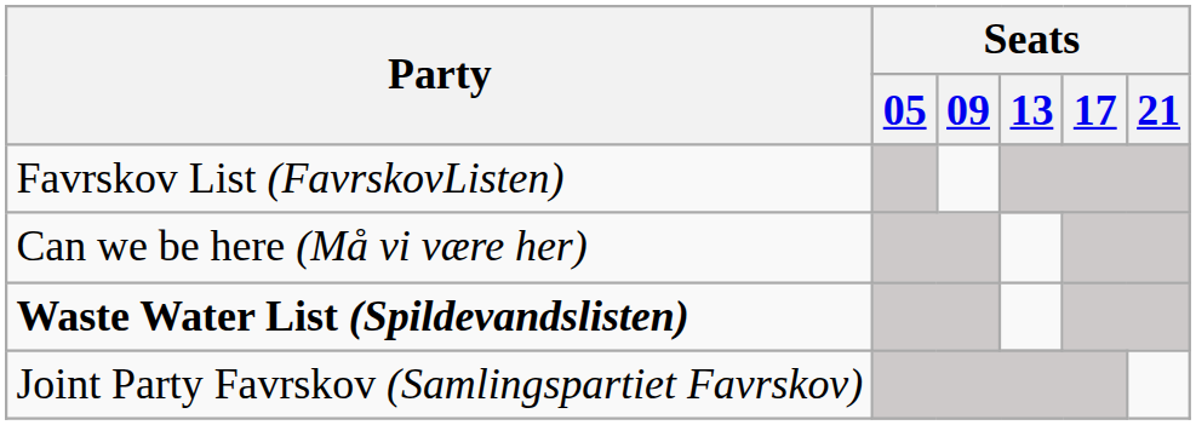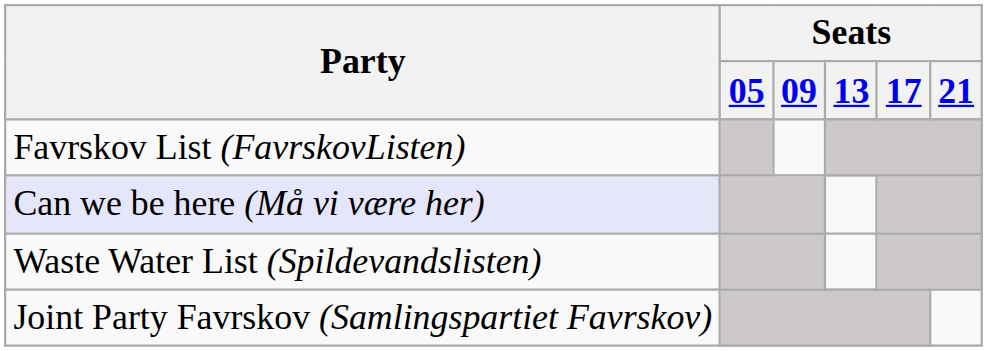 <table class="wikitable">
 <tr>
 <th rowspan=2>Party</th>
 <th colspan=11>Seats</th>
 </tr>
 <tr>
 <th><a href='#'>05</a></th>
 <th><a href='#'>09</a></th>
 <th><a href='#'>13</a></th>
 <th><a href='#'>17</a></th>
 <th><a href='#'>21</a></th>
 </tr>
 <tr>
 <td>Favrskov List <em>(FavrskovListen)</em></td>
 <td style="background:#CDC9C9;"></td>
 <td></td>
 <td style="background:#CDC9C9;" colspan=3></td>
 </tr>
 <tr>
-<td>Can we be here <em>(Må vi være her)</em></td>
+<td style="background: lavender;">Can we be here <em>(Må vi være her)</em></td>
 <td style="background:#CDC9C9;" colspan=2></td>
 <td></td>
 <td style="background:#CDC9C9;" colspan=2></td>
 </tr>
 <tr>
-<td><strong>Waste Water List <em>(Spildevandslisten)</em></strong></td>
+<td>Waste Water List <em>(Spildevandslisten)</em></td>
 <td style="background:#CDC9C9;" colspan=2></td>
 <td></td>
 <td style="background:#CDC9C9;" colspan=2></td>
 </tr>
 <tr>
 <td>Joint Party Favrskov <em>(Samlingspartiet Favrskov)</em></td>
 <td style="background:#CDC9C9;" colspan=4></td>
 <td></td>
 </tr>
 </table>
